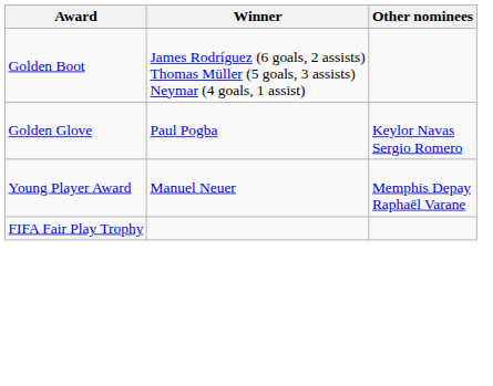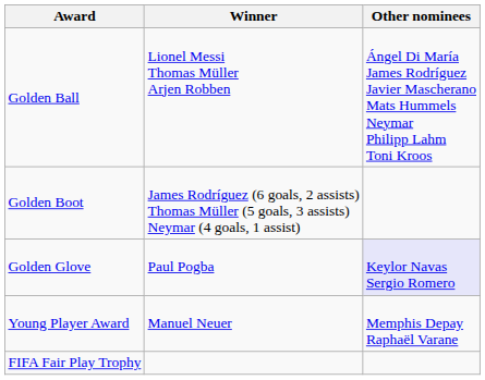 <table class="wikitable">
 <tr>
 <th>Award</th>
 <th>Winner</th>
 <th>Other nominees</th>
+</tr>
+<tr>
+<td><a href='#'>Golden Ball</a></td>
+<td valign="top"><br>  <a href='#'>Lionel Messi</a> <br>  <a href='#'>Thomas Müller</a> <br>  <a href='#'>Arjen Robben</a></td>
+<td><br> <a href='#'>Ángel Di María</a> <br> <a href='#'>James Rodríguez</a> <br> <a href='#'>Javier Mascherano</a> <br> <a href='#'>Mats Hummels</a> <br> <a href='#'>Neymar</a> <br> <a href='#'>Philipp Lahm</a> <br> <a href='#'>Toni Kroos</a></td>
 </tr>
 <tr>
 <td><a href='#'>Golden Boot</a></td>
 <td valign="top"><br>  <a href='#'>James Rodríguez</a> (6 goals, 2 assists) <br>  <a href='#'>Thomas Müller</a> (5 goals, 3 assists) <br>  <a href='#'>Neymar</a> (4 goals, 1 assist)</td>
 <td></td>
 </tr>
 <tr>
 <td><a href='#'>Golden Glove</a></td>
 <td valign="top"><br> <a href='#'>Paul Pogba</a></td>
-<td><br> <a href='#'>Keylor Navas</a> <br> <a href='#'>Sergio Romero</a></td>
+<td style="background: lavender;"><br> <a href='#'>Keylor Navas</a> <br> <a href='#'>Sergio Romero</a></td>
 </tr>
 <tr>
 <td><a href='#'>Young Player Award</a></td>
 <td valign="top"><br> <a href='#'>Manuel Neuer</a></td>
 <td><br> <a href='#'>Memphis Depay</a> <br> <a href='#'>Raphaël Varane</a></td>
 </tr>
 <tr>
 <td><a href='#'>FIFA Fair Play Trophy</a></td>
 <td valign="top"><br></td>
 <td></td>
 </tr>
 </table>
